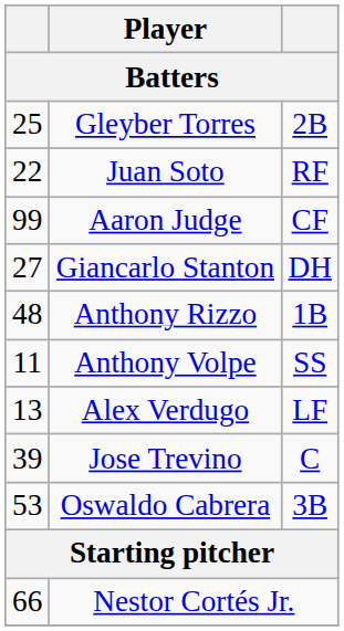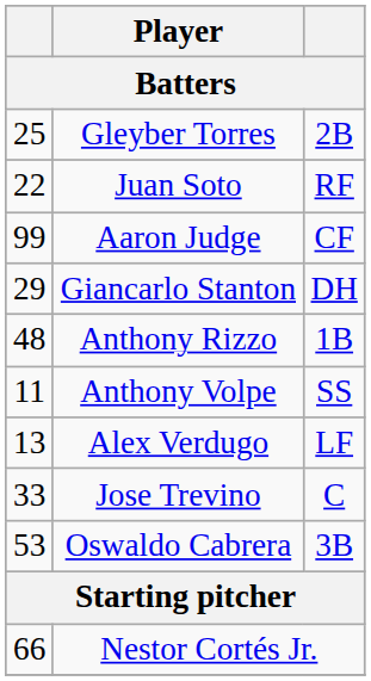 <table class="wikitable" style="text-align:center">
 <tr>
 <th></th>
 <th>Player</th>
 <th></th>
 </tr>
 <tr>
 <th colspan="3">Batters</th>
 </tr>
 <tr>
 <td>25</td>
 <td><a href='#'>Gleyber Torres</a></td>
 <td><a href='#'>2B</a></td>
 </tr>
 <tr>
 <td>22</td>
 <td><a href='#'>Juan Soto</a></td>
 <td><a href='#'>RF</a></td>
 </tr>
 <tr>
 <td>99</td>
 <td><a href='#'>Aaron Judge</a></td>
 <td><a href='#'>CF</a></td>
 </tr>
 <tr>
-<td>27</td>
+<td>29</td>
 <td><a href='#'>Giancarlo Stanton</a></td>
 <td><a href='#'>DH</a></td>
 </tr>
 <tr>
 <td>48</td>
 <td><a href='#'>Anthony Rizzo</a></td>
 <td><a href='#'>1B</a></td>
 </tr>
 <tr>
 <td>11</td>
 <td><a href='#'>Anthony Volpe</a></td>
 <td><a href='#'>SS</a></td>
 </tr>
 <tr>
 <td>13</td>
 <td><a href='#'>Alex Verdugo</a></td>
 <td><a href='#'>LF</a></td>
 </tr>
 <tr>
-<td>39</td>
+<td>33</td>
 <td><a href='#'>Jose Trevino</a></td>
 <td><a href='#'>C</a></td>
 </tr>
 <tr>
 <td>53</td>
 <td><a href='#'>Oswaldo Cabrera</a></td>
 <td><a href='#'>3B</a></td>
 </tr>
 <tr>
 <th colspan="4">Starting pitcher</th>
 </tr>
 <tr>
 <td>66</td>
 <td colspan="2"><a href='#'>Nestor Cortés Jr.</a></td>
 </tr>
 <tr>
 </tr>
 </table>
